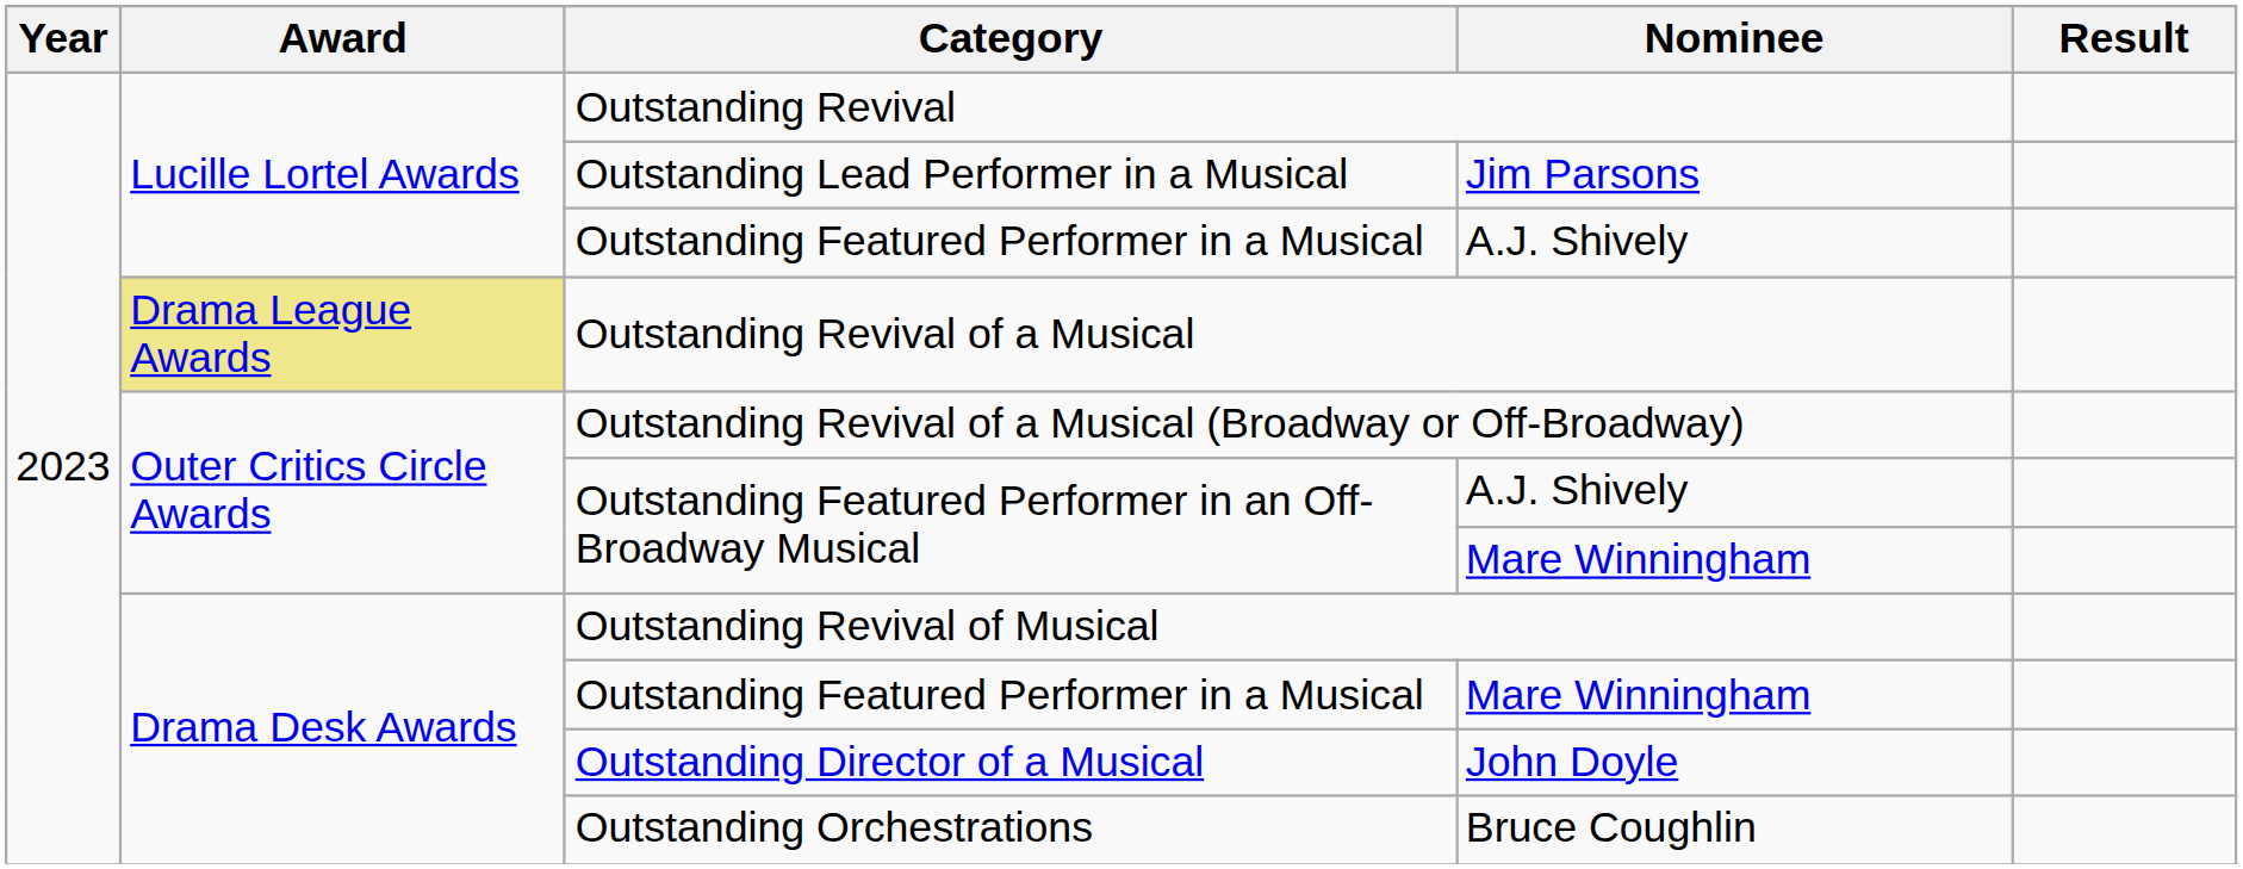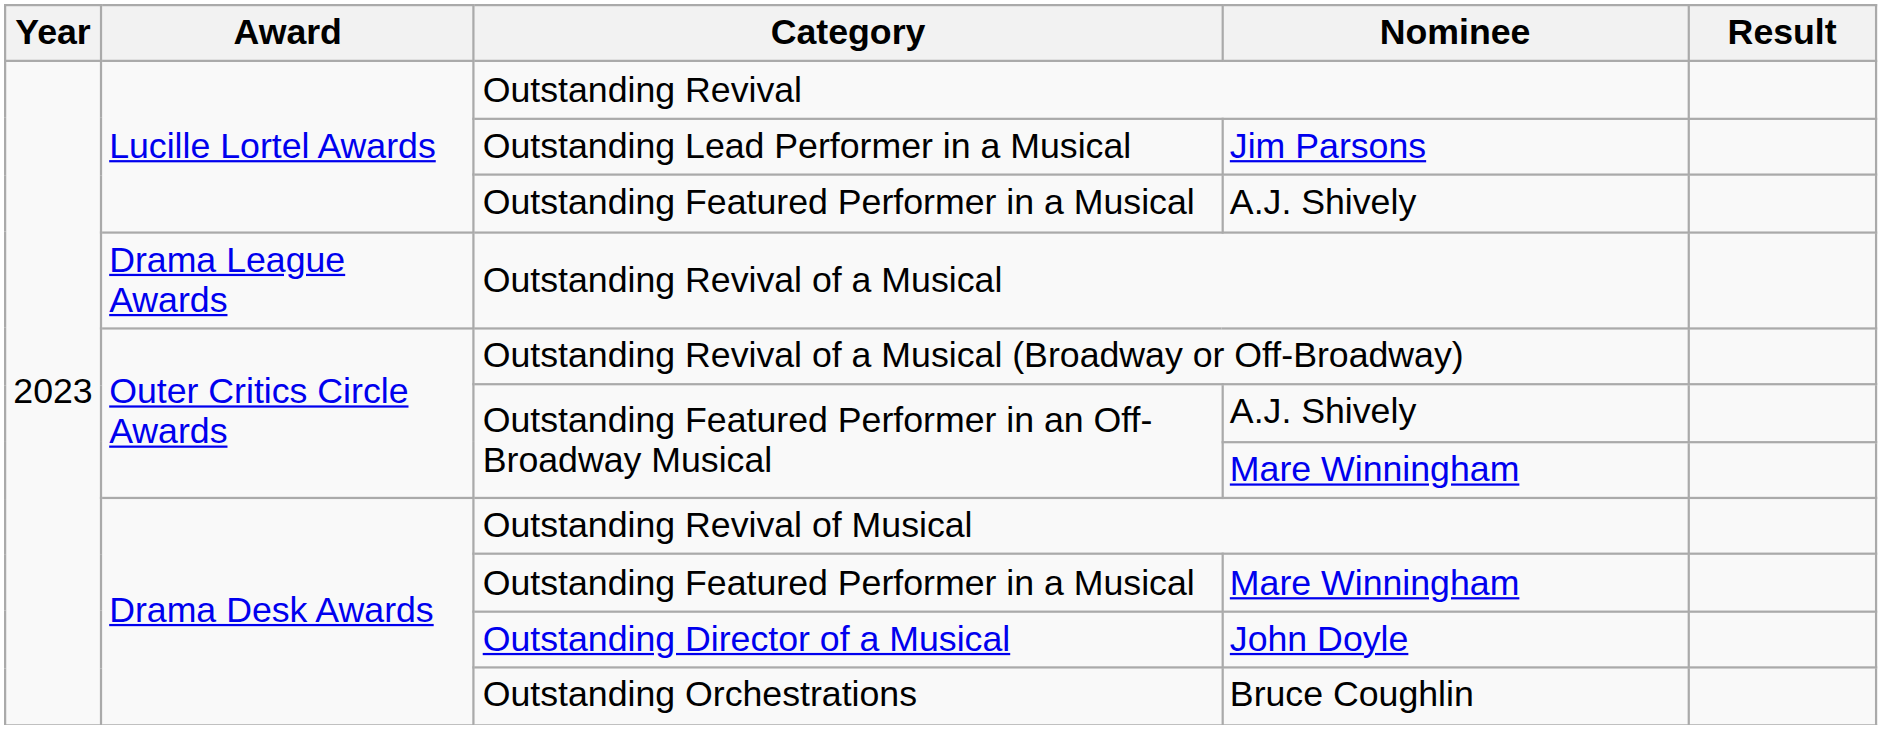 <table class="wikitable" width="95%">
 <tr>
 <th width="5%">Year</th>
 <th width="20%">Award</th>
 <th width="40%">Category</th>
 <th width="25%">Nominee</th>
 <th width="10%">Result</th>
 </tr>
 <tr>
 <td rowspan="11" align="center">2023</td>
 <td rowspan="3"><a href='#'>Lucille Lortel Awards</a></td>
 <td colspan="2">Outstanding Revival</td>
 <td></td>
 </tr>
 <tr>
 <td>Outstanding Lead Performer in a Musical</td>
 <td><a href='#'>Jim Parsons</a></td>
 <td></td>
 </tr>
 <tr>
 <td>Outstanding Featured Performer in a Musical</td>
 <td>A.J. Shively</td>
 <td></td>
 </tr>
 <tr>
-<td rowspan="1" style="background: khaki;"><a href='#'>Drama League Awards</a></td>
+<td rowspan="1"><a href='#'>Drama League Awards</a></td>
 <td colspan="2">Outstanding Revival of a Musical</td>
 <td></td>
 </tr>
 <tr>
 <td rowspan="3"><a href='#'>Outer Critics Circle Awards</a></td>
 <td colspan="2">Outstanding Revival of a Musical (Broadway or Off-Broadway)</td>
 <td></td>
 </tr>
 <tr>
 <td rowspan="2">Outstanding Featured Performer in an Off-Broadway Musical</td>
 <td>A.J. Shively</td>
 <td></td>
 </tr>
 <tr>
 <td><a href='#'>Mare Winningham</a></td>
 <td></td>
 </tr>
 <tr>
 <td rowspan="4"><a href='#'>Drama Desk Awards</a></td>
 <td colspan="2">Outstanding Revival of Musical</td>
 <td></td>
 </tr>
 <tr>
 <td>Outstanding Featured Performer in a Musical</td>
 <td><a href='#'>Mare Winningham</a></td>
 <td></td>
 </tr>
 <tr>
 <td><a href='#'>Outstanding Director of a Musical</a></td>
 <td><a href='#'>John Doyle</a></td>
 <td></td>
 </tr>
 <tr>
 <td>Outstanding Orchestrations</td>
 <td>Bruce Coughlin</td>
 <td></td>
 </tr>
 </table>
